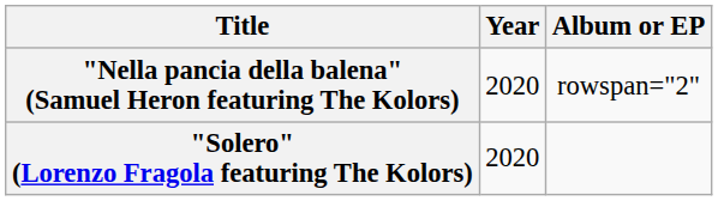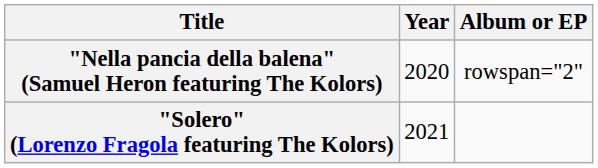 <table class="wikitable plainrowheaders" style="text-align:center;">
 <tr>
 <th scope="col">Title</th>
 <th scope="col">Year</th>
 <th scope="col">Album or EP</th>
 </tr>
 <tr>
 <th scope="row">"Nella pancia della balena"<br><span>(Samuel Heron featuring The Kolors)</span></th>
 <td>2020</td>
 <td>rowspan="2" </td>
 </tr>
 <tr>
 <th scope="row">"Solero"<br><span>(<a href='#'>Lorenzo Fragola</a> featuring The Kolors)</span></th>
-<td>2020</td>
+<td>2021</td>
 </tr>
 </table>
